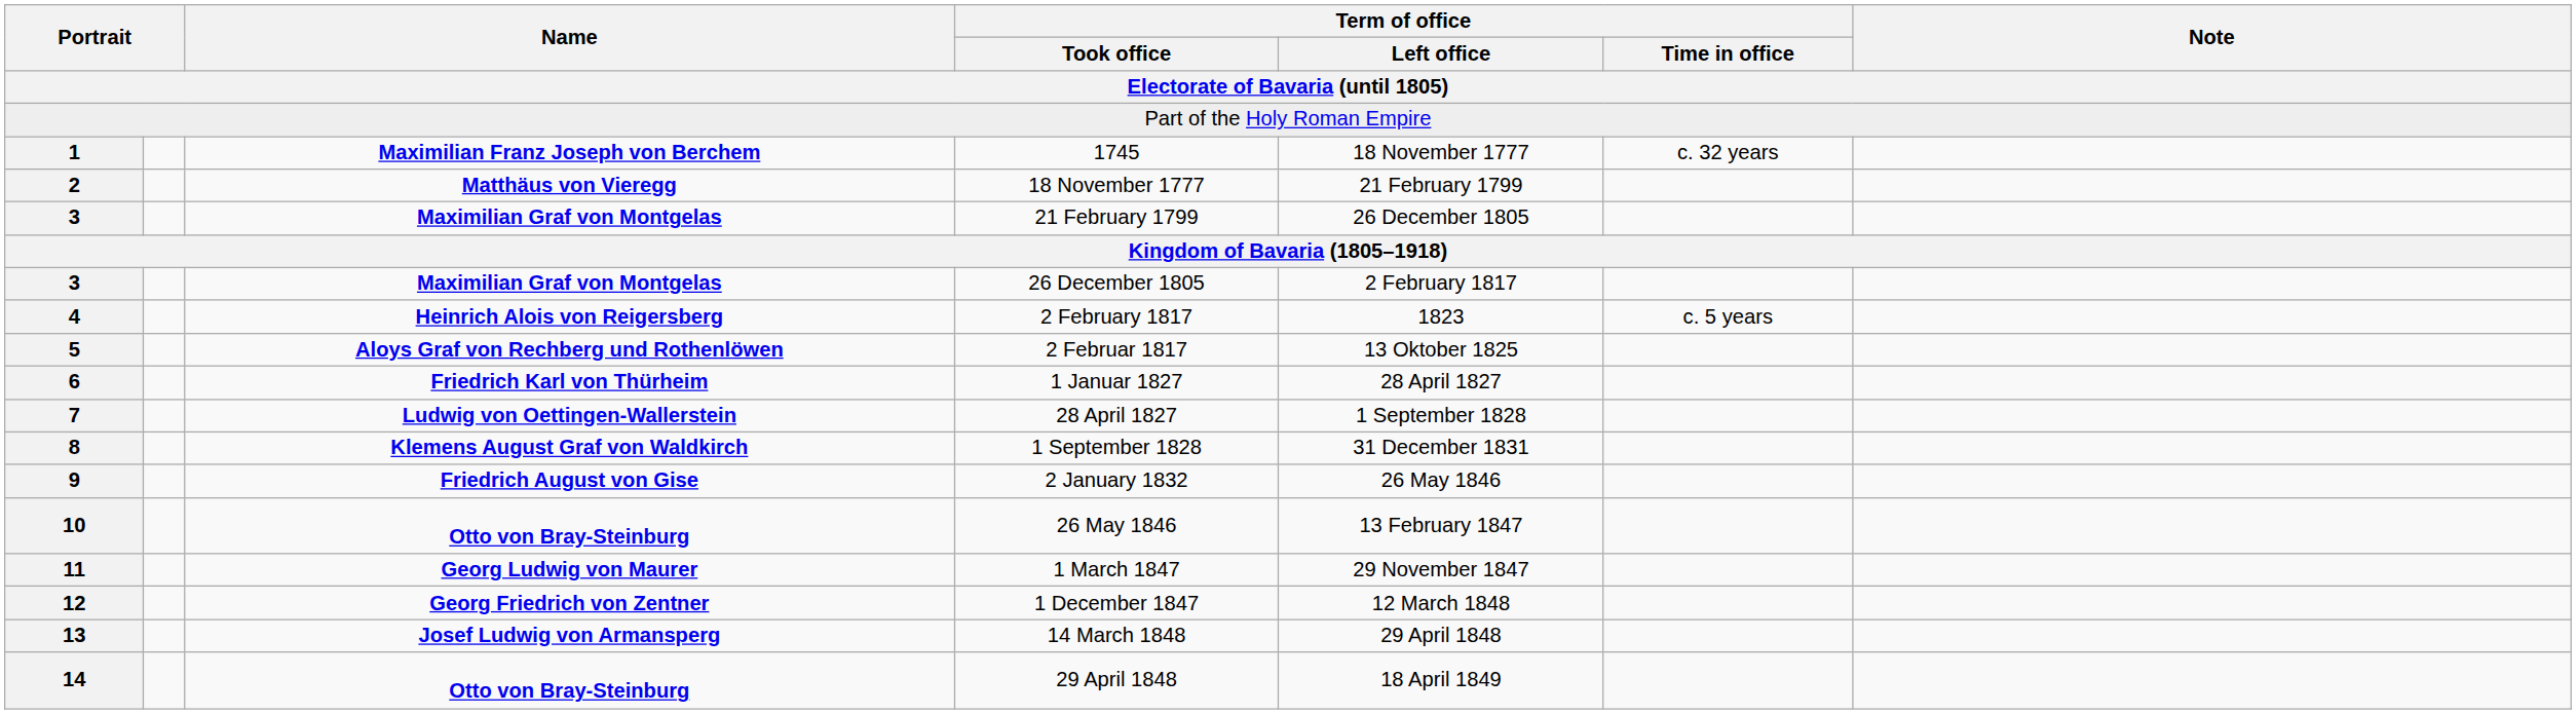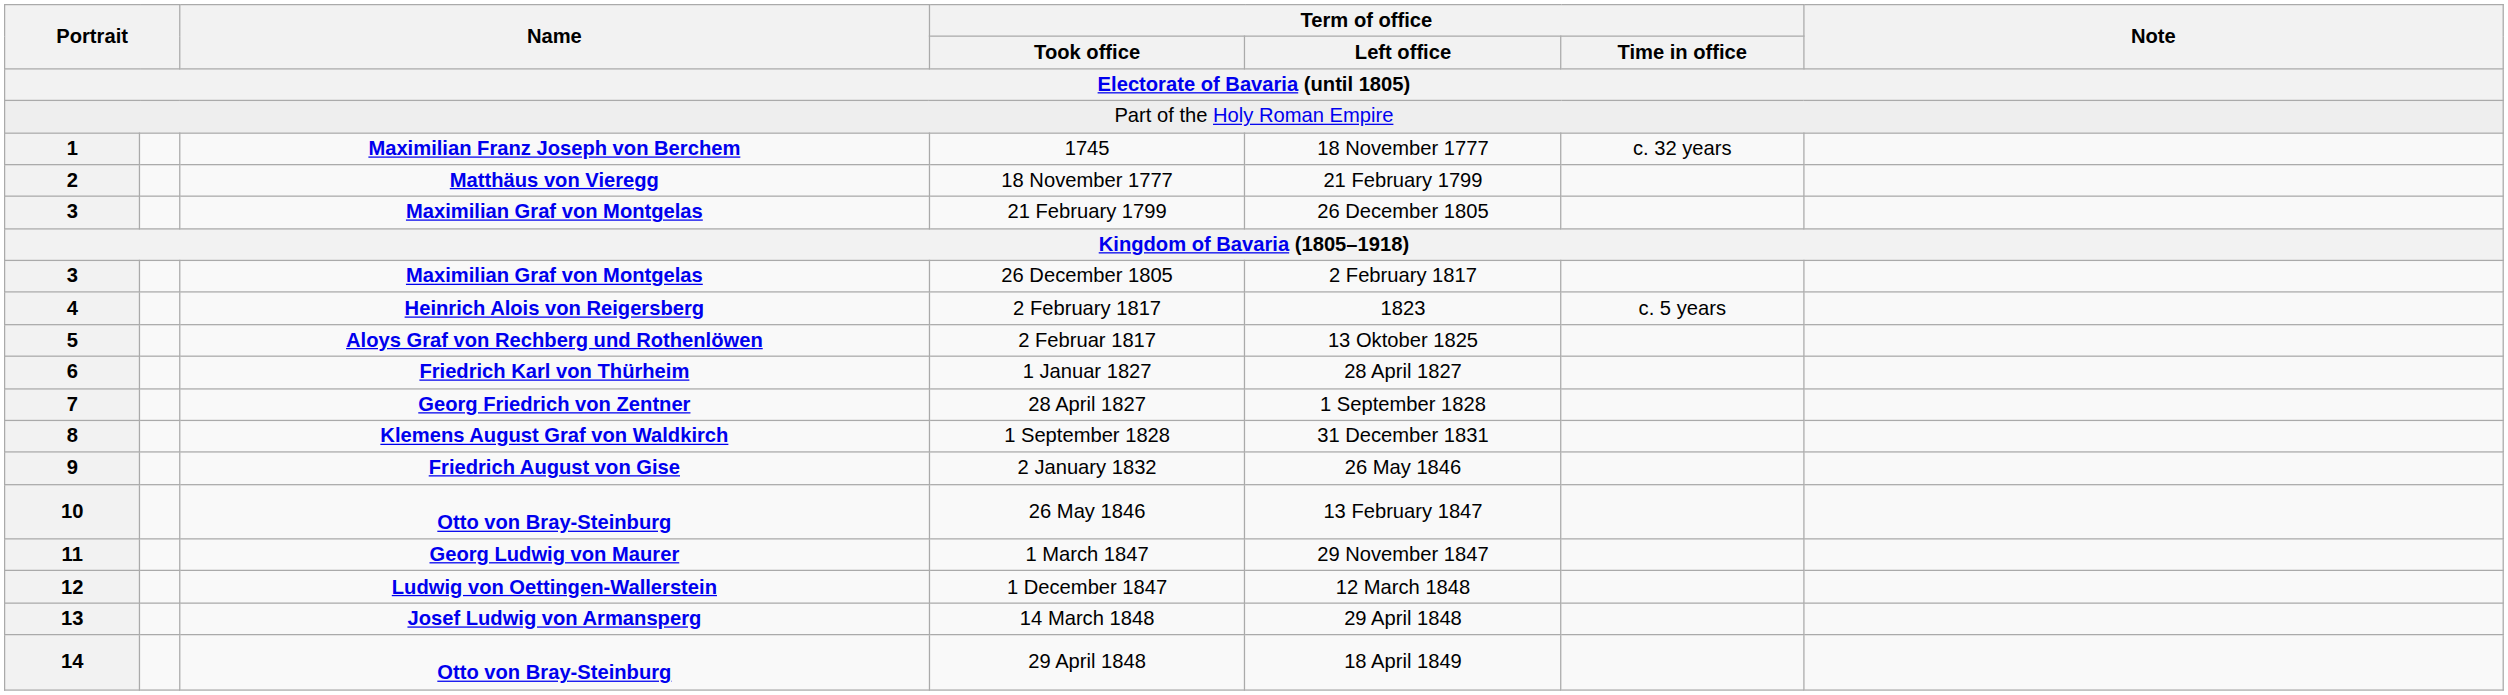 <table class="wikitable" style="text-align:center; width:100%; border:1px #AAAAFF solid">
 <tr>
 <th width=80px rowspan=2 colspan=2>Portrait</th>
 <th width=30% rowspan=2>Name<br></th>
 <th width=35% colspan=3>Term of office</th>
 <th width=28% rowspan=2>Note</th>
 </tr>
 <tr>
 <th>Took office</th>
 <th>Left office</th>
 <th>Time in office</th>
 </tr>
 <tr>
 <th colspan="7"><a href='#'>Electorate of Bavaria</a> (until 1805)</th>
 </tr>
 <tr>
 <td bgcolor=#EEEEEE colspan=7>Part of the <a href='#'>Holy Roman Empire</a></td>
 </tr>
 <tr>
 <th style="background:">1</th>
 <td></td>
 <td><strong><a href='#'>Maximilian Franz Joseph von Berchem</a></strong><br></td>
 <td>1745</td>
 <td>18 November 1777</td>
 <td>c. 32 years</td>
 <td></td>
 </tr>
 <tr>
 <th style="background:">2</th>
 <td></td>
 <td><strong><a href='#'>Matthäus von Vieregg</a></strong><br></td>
 <td>18 November 1777</td>
 <td>21 February 1799</td>
 <td></td>
 <td></td>
 </tr>
 <tr>
 <th style="background:">3</th>
 <td></td>
 <td><strong><a href='#'>Maximilian Graf von Montgelas</a></strong><br></td>
 <td>21 February 1799</td>
 <td>26 December 1805</td>
 <td></td>
 <td></td>
 </tr>
 <tr>
 <th colspan="7"><a href='#'>Kingdom of Bavaria</a> (1805–1918)</th>
 </tr>
 <tr>
 <th style="background:">3</th>
 <td></td>
 <td><strong><a href='#'>Maximilian Graf von Montgelas</a></strong><br></td>
 <td>26 December 1805</td>
 <td>2 February 1817</td>
 <td></td>
 <td></td>
 </tr>
 <tr>
 <th style="background:">4</th>
 <td></td>
 <td><strong><a href='#'>Heinrich Alois von Reigersberg</a></strong><br></td>
 <td>2 February 1817</td>
 <td>1823</td>
 <td>c. 5 years</td>
 <td></td>
 </tr>
 <tr>
 <th style="background:">5</th>
 <td></td>
 <td><strong><a href='#'>Aloys Graf von Rechberg und Rothenlöwen</a></strong><br></td>
 <td>2 Februar 1817</td>
 <td>13 Oktober 1825</td>
 <td></td>
 <td></td>
 </tr>
 <tr>
 <th style="background:">6</th>
 <td></td>
 <td><strong><a href='#'>Friedrich Karl von Thürheim</a></strong><br></td>
 <td>1 Januar 1827</td>
 <td>28 April 1827</td>
 <td></td>
 <td></td>
 </tr>
 <tr>
 <th style="background:">7</th>
 <td></td>
-<td><strong><a href='#'>Ludwig von Oettingen-Wallerstein</a></strong><br></td>
+<td><strong><a href='#'>Georg Friedrich von Zentner</a></strong><br></td>
 <td>28 April 1827</td>
 <td>1 September 1828</td>
 <td></td>
 <td></td>
 </tr>
 <tr>
 <th style="background:">8</th>
 <td></td>
 <td><strong><a href='#'>Klemens August Graf von Waldkirch</a></strong><br></td>
 <td>1 September 1828</td>
 <td>31 December 1831</td>
 <td></td>
 <td></td>
 </tr>
 <tr>
 <th style="background:">9</th>
 <td></td>
 <td><strong><a href='#'>Friedrich August von Gise</a></strong><br></td>
 <td>2 January 1832</td>
 <td>26 May 1846</td>
 <td></td>
 <td></td>
 </tr>
 <tr>
 <th style="background:">10</th>
 <td></td>
 <td><br><strong><a href='#'>Otto von Bray-Steinburg</a></strong><br></td>
 <td>26 May 1846</td>
 <td>13 February 1847</td>
 <td></td>
 <td></td>
 </tr>
 <tr>
 <th style="background:">11</th>
 <td></td>
 <td><strong><a href='#'>Georg Ludwig von Maurer</a></strong><br></td>
 <td>1 March 1847</td>
 <td>29 November 1847</td>
 <td></td>
 <td></td>
 </tr>
 <tr>
 <th style="background:">12</th>
 <td></td>
-<td><strong><a href='#'>Georg Friedrich von Zentner</a></strong><br></td>
+<td><strong><a href='#'>Ludwig von Oettingen-Wallerstein</a></strong><br></td>
 <td>1 December 1847</td>
 <td>12 March 1848</td>
 <td></td>
 <td></td>
 </tr>
 <tr>
 <th style="background:">13</th>
 <td></td>
 <td><strong><a href='#'>Josef Ludwig von Armansperg</a></strong><br></td>
 <td>14 March 1848</td>
 <td>29 April 1848</td>
 <td></td>
 <td></td>
 </tr>
 <tr>
 <th style="background:">14</th>
 <td></td>
 <td><br><strong><a href='#'>Otto von Bray-Steinburg</a></strong><br></td>
 <td>29 April 1848</td>
 <td>18 April 1849</td>
 <td></td>
 <td></td>
 </tr>
 </table>
